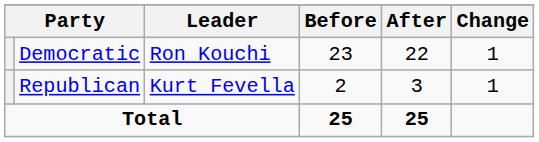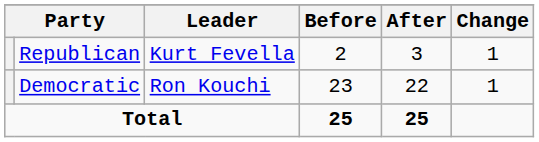 <table class="wikitable" style="text-align:center;">
 <tr>
 </tr>
 <tr>
 <th colspan="2">Party</th>
 <th>Leader</th>
 <th style="width:3em">Before</th>
 <th style="width:3em">After</th>
 <th style="width:3em">Change</th>
 </tr>
 <tr>
 <th style="background-color:"></th>
+<td style="text-align:left;"><a href='#'>Republican</a></td>
+<td style="text-align:left;"><a href='#'>Kurt Fevella</a></td>
+<td>2</td>
+<td>3</td>
+<td> 1</td>
+</tr>
+<tr>
+<th style="background-color:"></th>
 <td style="text-align:left;"><a href='#'>Democratic</a></td>
 <td style="text-align:left;"><a href='#'>Ron Kouchi</a></td>
 <td>23</td>
 <td>22</td>
-<td> 1</td>
-</tr>
-<tr>
-<th style="background-color:"></th>
-<td style="text-align:left;"><a href='#'>Republican</a></td>
-<td style="text-align:left;"><a href='#'>Kurt Fevella</a></td>
-<td>2</td>
-<td>3</td>
 <td> 1</td>
 </tr>
 <tr>
 <td colspan="3"><strong>Total</strong></td>
 <td><strong>25</strong></td>
 <td><strong>25</strong></td>
 <td></td>
 </tr>
 </table>
